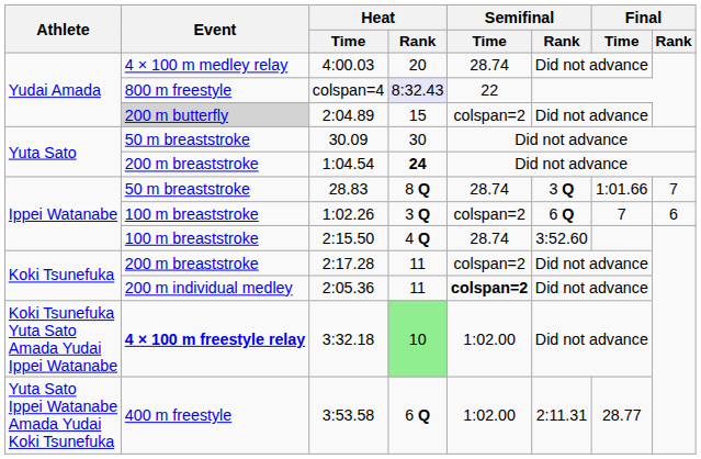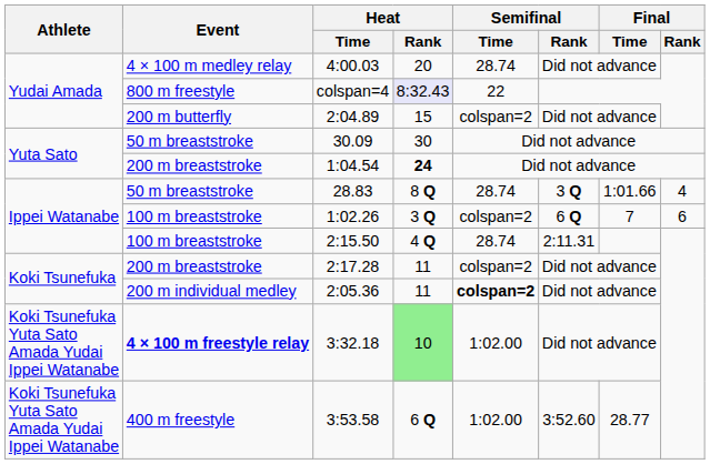 <table class=wikitable style="font-size:90%">
 <tr>
 <th rowspan=2>Athlete</th>
 <th rowspan=2>Event</th>
 <th colspan="2">Heat</th>
 <th colspan="2">Semifinal</th>
 <th colspan="2">Final</th>
 </tr>
 <tr style="font-size:95%">
 <th>Time</th>
 <th>Rank</th>
 <th>Time</th>
 <th>Rank</th>
 <th>Time</th>
 <th>Rank</th>
 </tr>
 <tr align=center>
 <td align=left rowspan=3><a href='#'>Yudai Amada</a></td>
 <td align=left><a href='#'>4 × 100 m medley relay</a></td>
 <td>4:00.03</td>
 <td>20</td>
 <td>28.74</td>
 <td colspan="2" align=center>Did not advance</td>
 </tr>
 <tr align=center>
 <td align=left><a href='#'>800 m freestyle</a></td>
 <td>colspan=4 </td>
 <td style="background: lavender;">8:32.43</td>
 <td>22</td>
 </tr>
 <tr align=center>
-<td align=left style="background: lightgrey;"><a href='#'>200 m butterfly</a></td>
+<td align=left><a href='#'>200 m butterfly</a></td>
 <td>2:04.89</td>
 <td>15</td>
 <td>colspan=2 </td>
 <td colspan="2" align=center>Did not advance</td>
 </tr>
 <tr align=center>
 <td align=left rowspan=2><a href='#'>Yuta Sato</a></td>
 <td align=left><a href='#'>50 m breaststroke</a></td>
 <td>30.09</td>
 <td>30</td>
 <td colspan="4" align=center>Did not advance</td>
 </tr>
 <tr align=center>
 <td align=left><a href='#'>200 m breaststroke</a></td>
 <td>1:04.54</td>
 <td><strong>24</strong></td>
 <td colspan="4" align=center>Did not advance</td>
 </tr>
 <tr align=center>
 <td align=left rowspan=3><a href='#'>Ippei Watanabe</a></td>
 <td align=left><a href='#'>50 m breaststroke</a></td>
 <td>28.83</td>
 <td>8 <strong>Q</strong></td>
 <td>28.74</td>
 <td>3 <strong>Q</strong></td>
 <td>1:01.66</td>
-<td>7</td>
+<td>4</td>
 </tr>
 <tr align=center>
 <td align=left><a href='#'>100 m breaststroke</a></td>
 <td>1:02.26</td>
 <td>3 <strong>Q</strong></td>
 <td>colspan=2 </td>
 <td>6 <strong>Q</strong></td>
 <td>7</td>
 <td>6</td>
 </tr>
 <tr align=center>
 <td align=left><a href='#'>100 m breaststroke</a></td>
 <td>2:15.50</td>
 <td>4 <strong>Q</strong></td>
 <td>28.74</td>
-<td>3:52.60</td>
+<td>2:11.31</td>
 <td></td>
 </tr>
 <tr align=center>
 <td align=left rowspan=2><a href='#'>Koki Tsunefuka</a></td>
 <td align=left><a href='#'>200 m breaststroke</a></td>
 <td>2:17.28</td>
 <td>11</td>
 <td>colspan=2 </td>
 <td colspan="2" align=center>Did not advance</td>
 </tr>
 <tr align=center>
 <td align=left><a href='#'>200 m individual medley</a></td>
 <td>2:05.36</td>
 <td>11</td>
 <td><strong>colspan=2 </strong></td>
 <td colspan="2" align=center>Did not advance</td>
 </tr>
 <tr align=center>
 <td align=left><a href='#'>Koki Tsunefuka</a><br><a href='#'>Yuta Sato</a><br><a href='#'>Amada Yudai</a><br><a href='#'>Ippei Watanabe</a></td>
 <td align=left><strong><a href='#'>4 × 100 m freestyle relay</a></strong></td>
 <td>3:32.18</td>
 <td style="background: lightgreen;">10</td>
 <td>1:02.00</td>
 <td colspan="2" align=center>Did not advance</td>
 </tr>
 <tr align=center>
-<td align=left><a href='#'>Yuta Sato</a><br><a href='#'>Ippei Watanabe</a><br><a href='#'>Amada Yudai</a><br><a href='#'>Koki Tsunefuka</a></td>
+<td align=left><a href='#'>Koki Tsunefuka</a><br><a href='#'>Yuta Sato</a><br><a href='#'>Amada Yudai</a><br><a href='#'>Ippei Watanabe</a></td>
 <td align=left><a href='#'>400 m freestyle</a></td>
 <td>3:53.58</td>
 <td>6 <strong>Q</strong></td>
 <td>1:02.00</td>
-<td>2:11.31</td>
+<td>3:52.60</td>
 <td>28.77</td>
 </tr>
 </table>
